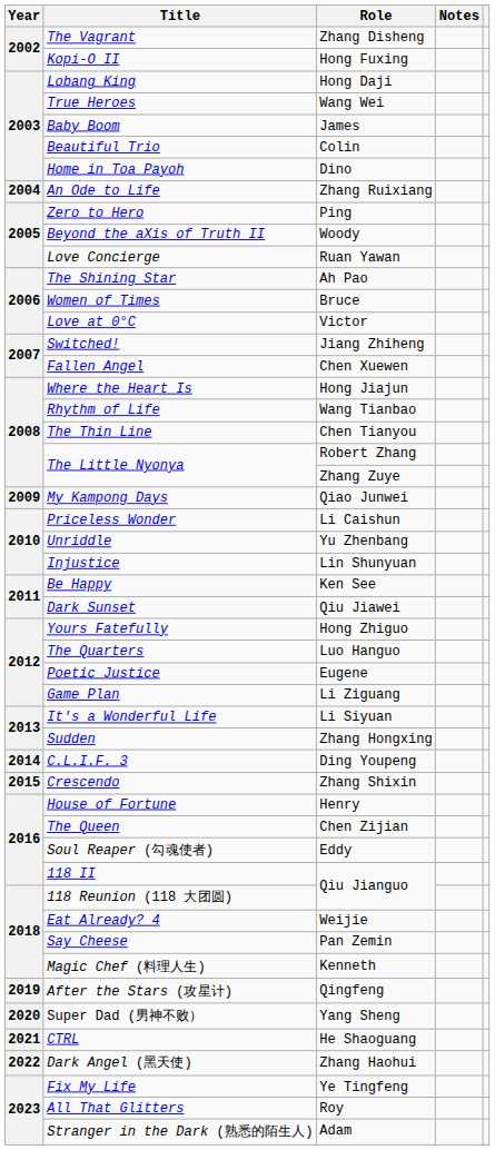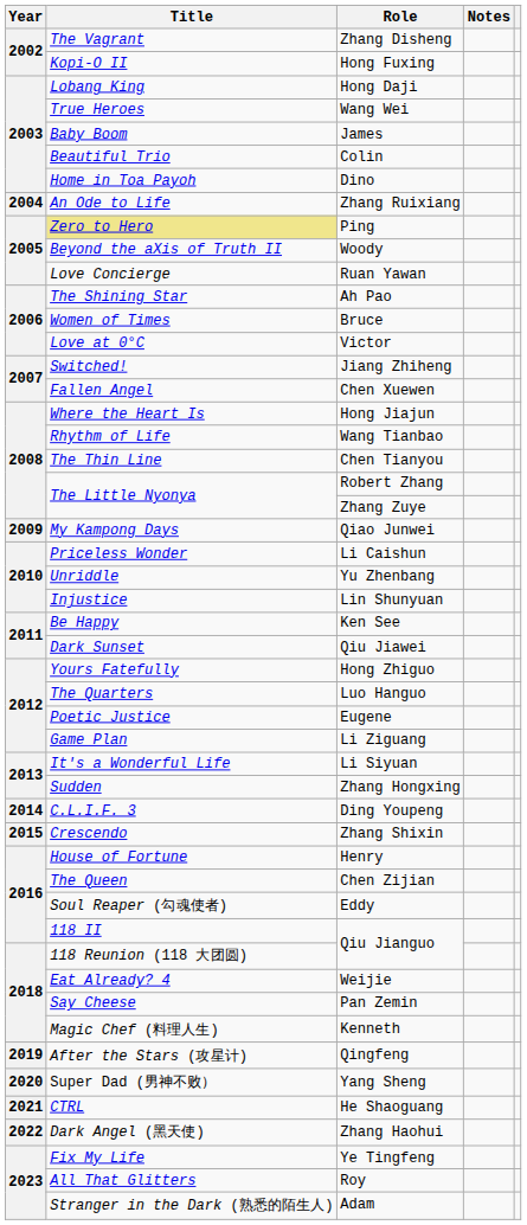 <table class="wikitable sortable plainrowheaders">
 <tr>
 <th scope="col">Year</th>
 <th scope="col">Title</th>
 <th scope="col">Role</th>
 <th scope="col" class="unsortable">Notes</th>
 <th scope="col" class="unsortable"></th>
 </tr>
 <tr>
 <th scope="row" rowspan="2">2002</th>
 <td><em><a href='#'>The Vagrant</a></em></td>
 <td>Zhang Disheng</td>
 <td></td>
 <td></td>
 </tr>
 <tr>
 <td><em><a href='#'>Kopi-O II</a></em></td>
 <td>Hong Fuxing</td>
 <td></td>
 <td></td>
 </tr>
 <tr>
 <th scope="row" rowspan="5">2003</th>
 <td><em><a href='#'>Lobang King</a></em></td>
 <td>Hong Daji</td>
 <td></td>
 <td></td>
 </tr>
 <tr>
 <td><em><a href='#'>True Heroes</a></em></td>
 <td>Wang Wei</td>
 <td></td>
 <td></td>
 </tr>
 <tr>
 <td><em><a href='#'>Baby Boom</a></em></td>
 <td>James</td>
 <td></td>
 <td></td>
 </tr>
 <tr>
 <td><em><a href='#'>Beautiful Trio</a></em></td>
 <td>Colin</td>
 <td></td>
 <td></td>
 </tr>
 <tr>
 <td><em><a href='#'>Home in Toa Payoh</a></em></td>
 <td>Dino</td>
 <td></td>
 <td></td>
 </tr>
 <tr>
 <th scope="row" rowspan="1">2004</th>
 <td><em><a href='#'>An Ode to Life</a></em></td>
 <td>Zhang Ruixiang</td>
 <td></td>
 <td></td>
 </tr>
 <tr>
 <th scope="row" rowspan="3">2005</th>
-<td><em><a href='#'>Zero to Hero</a></em></td>
+<td style="background: khaki;"><em><a href='#'>Zero to Hero</a></em></td>
 <td>Ping</td>
 <td></td>
 <td></td>
 </tr>
 <tr>
 <td><em><a href='#'>Beyond the aXis of Truth II</a></em></td>
 <td>Woody</td>
 <td></td>
 <td></td>
 </tr>
 <tr>
 <td><em>Love Concierge</em></td>
 <td>Ruan Yawan</td>
 <td></td>
 <td></td>
 </tr>
 <tr>
 <th scope="row" rowspan=3>2006</th>
 <td><em><a href='#'>The Shining Star</a></em></td>
 <td>Ah Pao</td>
 <td></td>
 <td></td>
 </tr>
 <tr>
 <td><em><a href='#'>Women of Times</a></em></td>
 <td>Bruce</td>
 <td></td>
 <td></td>
 </tr>
 <tr>
 <td><em><a href='#'>Love at 0°C</a></em></td>
 <td>Victor</td>
 <td></td>
 <td></td>
 </tr>
 <tr>
 <th scope="row" rowspan="2">2007</th>
 <td><em><a href='#'>Switched!</a></em></td>
 <td>Jiang Zhiheng</td>
 <td></td>
 <td></td>
 </tr>
 <tr>
 <td><em><a href='#'>Fallen Angel</a></em></td>
 <td>Chen Xuewen</td>
 <td></td>
 <td></td>
 </tr>
 <tr>
 <th scope="row" rowspan="5">2008</th>
 <td><em><a href='#'>Where the Heart Is</a></em></td>
 <td>Hong Jiajun</td>
 <td></td>
 <td></td>
 </tr>
 <tr>
 <td><em><a href='#'>Rhythm of Life</a></em></td>
 <td>Wang Tianbao</td>
 <td></td>
 <td></td>
 </tr>
 <tr>
 <td><em><a href='#'>The Thin Line</a></em></td>
 <td>Chen Tianyou</td>
 <td></td>
 <td></td>
 </tr>
 <tr>
 <td rowspan="2"><em><a href='#'>The Little Nyonya</a></em></td>
 <td>Robert Zhang</td>
 <td></td>
 <td></td>
 </tr>
 <tr>
 <td>Zhang Zuye</td>
 <td></td>
 <td></td>
 </tr>
 <tr>
 <th scope="row">2009</th>
 <td><em><a href='#'>My Kampong Days</a></em></td>
 <td>Qiao Junwei</td>
 <td></td>
 <td></td>
 </tr>
 <tr>
 <th scope="row" rowspan="3">2010</th>
 <td><em><a href='#'>Priceless Wonder</a></em></td>
 <td>Li Caishun</td>
 <td></td>
 <td></td>
 </tr>
 <tr>
 <td><em><a href='#'>Unriddle</a></em></td>
 <td>Yu Zhenbang</td>
 <td></td>
 <td></td>
 </tr>
 <tr>
 <td><em><a href='#'>Injustice</a></em></td>
 <td>Lin Shunyuan</td>
 <td></td>
 <td></td>
 </tr>
 <tr>
 <th scope="row" rowspan="2">2011</th>
 <td><em><a href='#'>Be Happy</a></em></td>
 <td>Ken See</td>
 <td></td>
 <td></td>
 </tr>
 <tr>
 <td><em><a href='#'>Dark Sunset</a></em></td>
 <td>Qiu Jiawei</td>
 <td></td>
 <td></td>
 </tr>
 <tr>
 <th scope="row" rowspan="4">2012</th>
 <td><em><a href='#'>Yours Fatefully</a></em></td>
 <td>Hong Zhiguo</td>
 <td></td>
 <td></td>
 </tr>
 <tr>
 <td><em><a href='#'>The Quarters</a></em></td>
 <td>Luo Hanguo</td>
 <td></td>
 <td></td>
 </tr>
 <tr>
 <td><em><a href='#'>Poetic Justice</a></em></td>
 <td>Eugene</td>
 <td></td>
 <td></td>
 </tr>
 <tr>
 <td><em><a href='#'>Game Plan</a></em></td>
 <td>Li Ziguang</td>
 <td></td>
 <td></td>
 </tr>
 <tr>
 <th scope="row" rowspan="2">2013</th>
 <td><em><a href='#'>It's a Wonderful Life</a></em></td>
 <td>Li Siyuan</td>
 <td></td>
 <td></td>
 </tr>
 <tr>
 <td><em><a href='#'>Sudden</a></em></td>
 <td>Zhang Hongxing</td>
 <td></td>
 <td></td>
 </tr>
 <tr>
 <th scope="row" rowspan="1">2014</th>
 <td><em><a href='#'>C.L.I.F. 3</a></em></td>
 <td>Ding Youpeng</td>
 <td></td>
 <td></td>
 </tr>
 <tr>
 <th scope="row" rowspan="1">2015</th>
 <td><em><a href='#'>Crescendo</a></em></td>
 <td>Zhang Shixin</td>
 <td></td>
 <td></td>
 </tr>
 <tr>
 <th scope="row" rowspan="4">2016</th>
 <td><em><a href='#'>House of Fortune</a></em></td>
 <td>Henry</td>
 <td></td>
 <td></td>
 </tr>
 <tr>
 <td><em><a href='#'>The Queen</a></em></td>
 <td>Chen Zijian</td>
 <td></td>
 <td></td>
 </tr>
 <tr>
 <td><em>Soul Reaper</em> (勾魂使者)</td>
 <td>Eddy</td>
 <td></td>
 <td></td>
 </tr>
 <tr>
 <td><em><a href='#'>118 II</a></em></td>
 <td rowspan="2">Qiu Jianguo</td>
 <td></td>
 <td></td>
 </tr>
 <tr>
 <th scope="row" rowspan="4">2018</th>
 <td><em>118 Reunion</em> (118 大团圆)</td>
 <td></td>
 <td></td>
 </tr>
 <tr>
 <td><em><a href='#'>Eat Already? 4</a></em></td>
 <td>Weijie</td>
 <td></td>
 <td></td>
 </tr>
 <tr>
 <td><em><a href='#'>Say Cheese</a></em></td>
 <td>Pan Zemin</td>
 <td></td>
 <td></td>
 </tr>
 <tr>
 <td><em>Magic Chef</em> (料理人生)</td>
 <td>Kenneth</td>
 <td></td>
 <td></td>
 </tr>
 <tr>
 <th scope="row" rowspan=1>2019</th>
 <td><em>After the Stars</em> (攻星计)</td>
 <td>Qingfeng</td>
 <td></td>
 <td></td>
 </tr>
 <tr>
 <th scope="row" rowspan=1>2020</th>
 <td>Super Dad (男神不败）</td>
 <td>Yang Sheng</td>
 <td></td>
 <td></td>
 </tr>
 <tr>
 <th scope="row">2021</th>
 <td><em><a href='#'>CTRL</a></em></td>
 <td>He Shaoguang</td>
 <td></td>
 <td></td>
 </tr>
 <tr>
 <th scope="row" rowspan=1>2022</th>
 <td><em>Dark Angel</em> (黑天使)</td>
 <td>Zhang Haohui</td>
 <td></td>
 <td></td>
 </tr>
 <tr>
 <th scope="row" rowspan=3>2023</th>
 <td><em><a href='#'>Fix My Life</a></em></td>
 <td>Ye Tingfeng</td>
 <td></td>
 <td></td>
 </tr>
 <tr>
 <td><em><a href='#'>All That Glitters</a></em></td>
 <td>Roy</td>
 <td></td>
 <td></td>
 </tr>
 <tr>
 <td><em>Stranger in the Dark</em> (熟悉的陌生人)</td>
 <td>Adam</td>
 <td></td>
 <td></td>
 </tr>
 </table>
